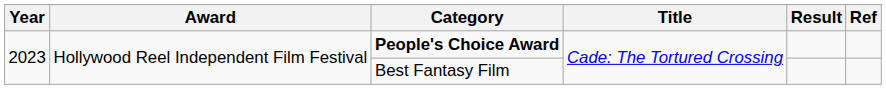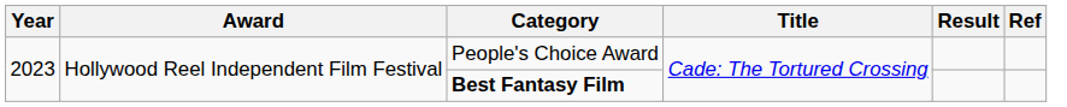 <table class = "wikitable">
 <tr>
 <th>Year</th>
 <th>Award</th>
 <th>Category</th>
 <th>Title</th>
 <th>Result</th>
 <th>Ref</th>
 </tr>
 <tr>
 <td rowspan=2>2023</td>
 <td rowspan=2>Hollywood Reel Independent Film Festival</td>
-<td><strong>People's Choice Award</strong></td>
+<td>People's Choice Award</td>
 <td rowspan=2><em><a href='#'>Cade: The Tortured Crossing</a></em></td>
 <td></td>
 <td></td>
 </tr>
 <tr>
-<td>Best Fantasy Film</td>
+<td><strong>Best Fantasy Film</strong></td>
 <td></td>
 <td></td>
 </tr>
 </table>
